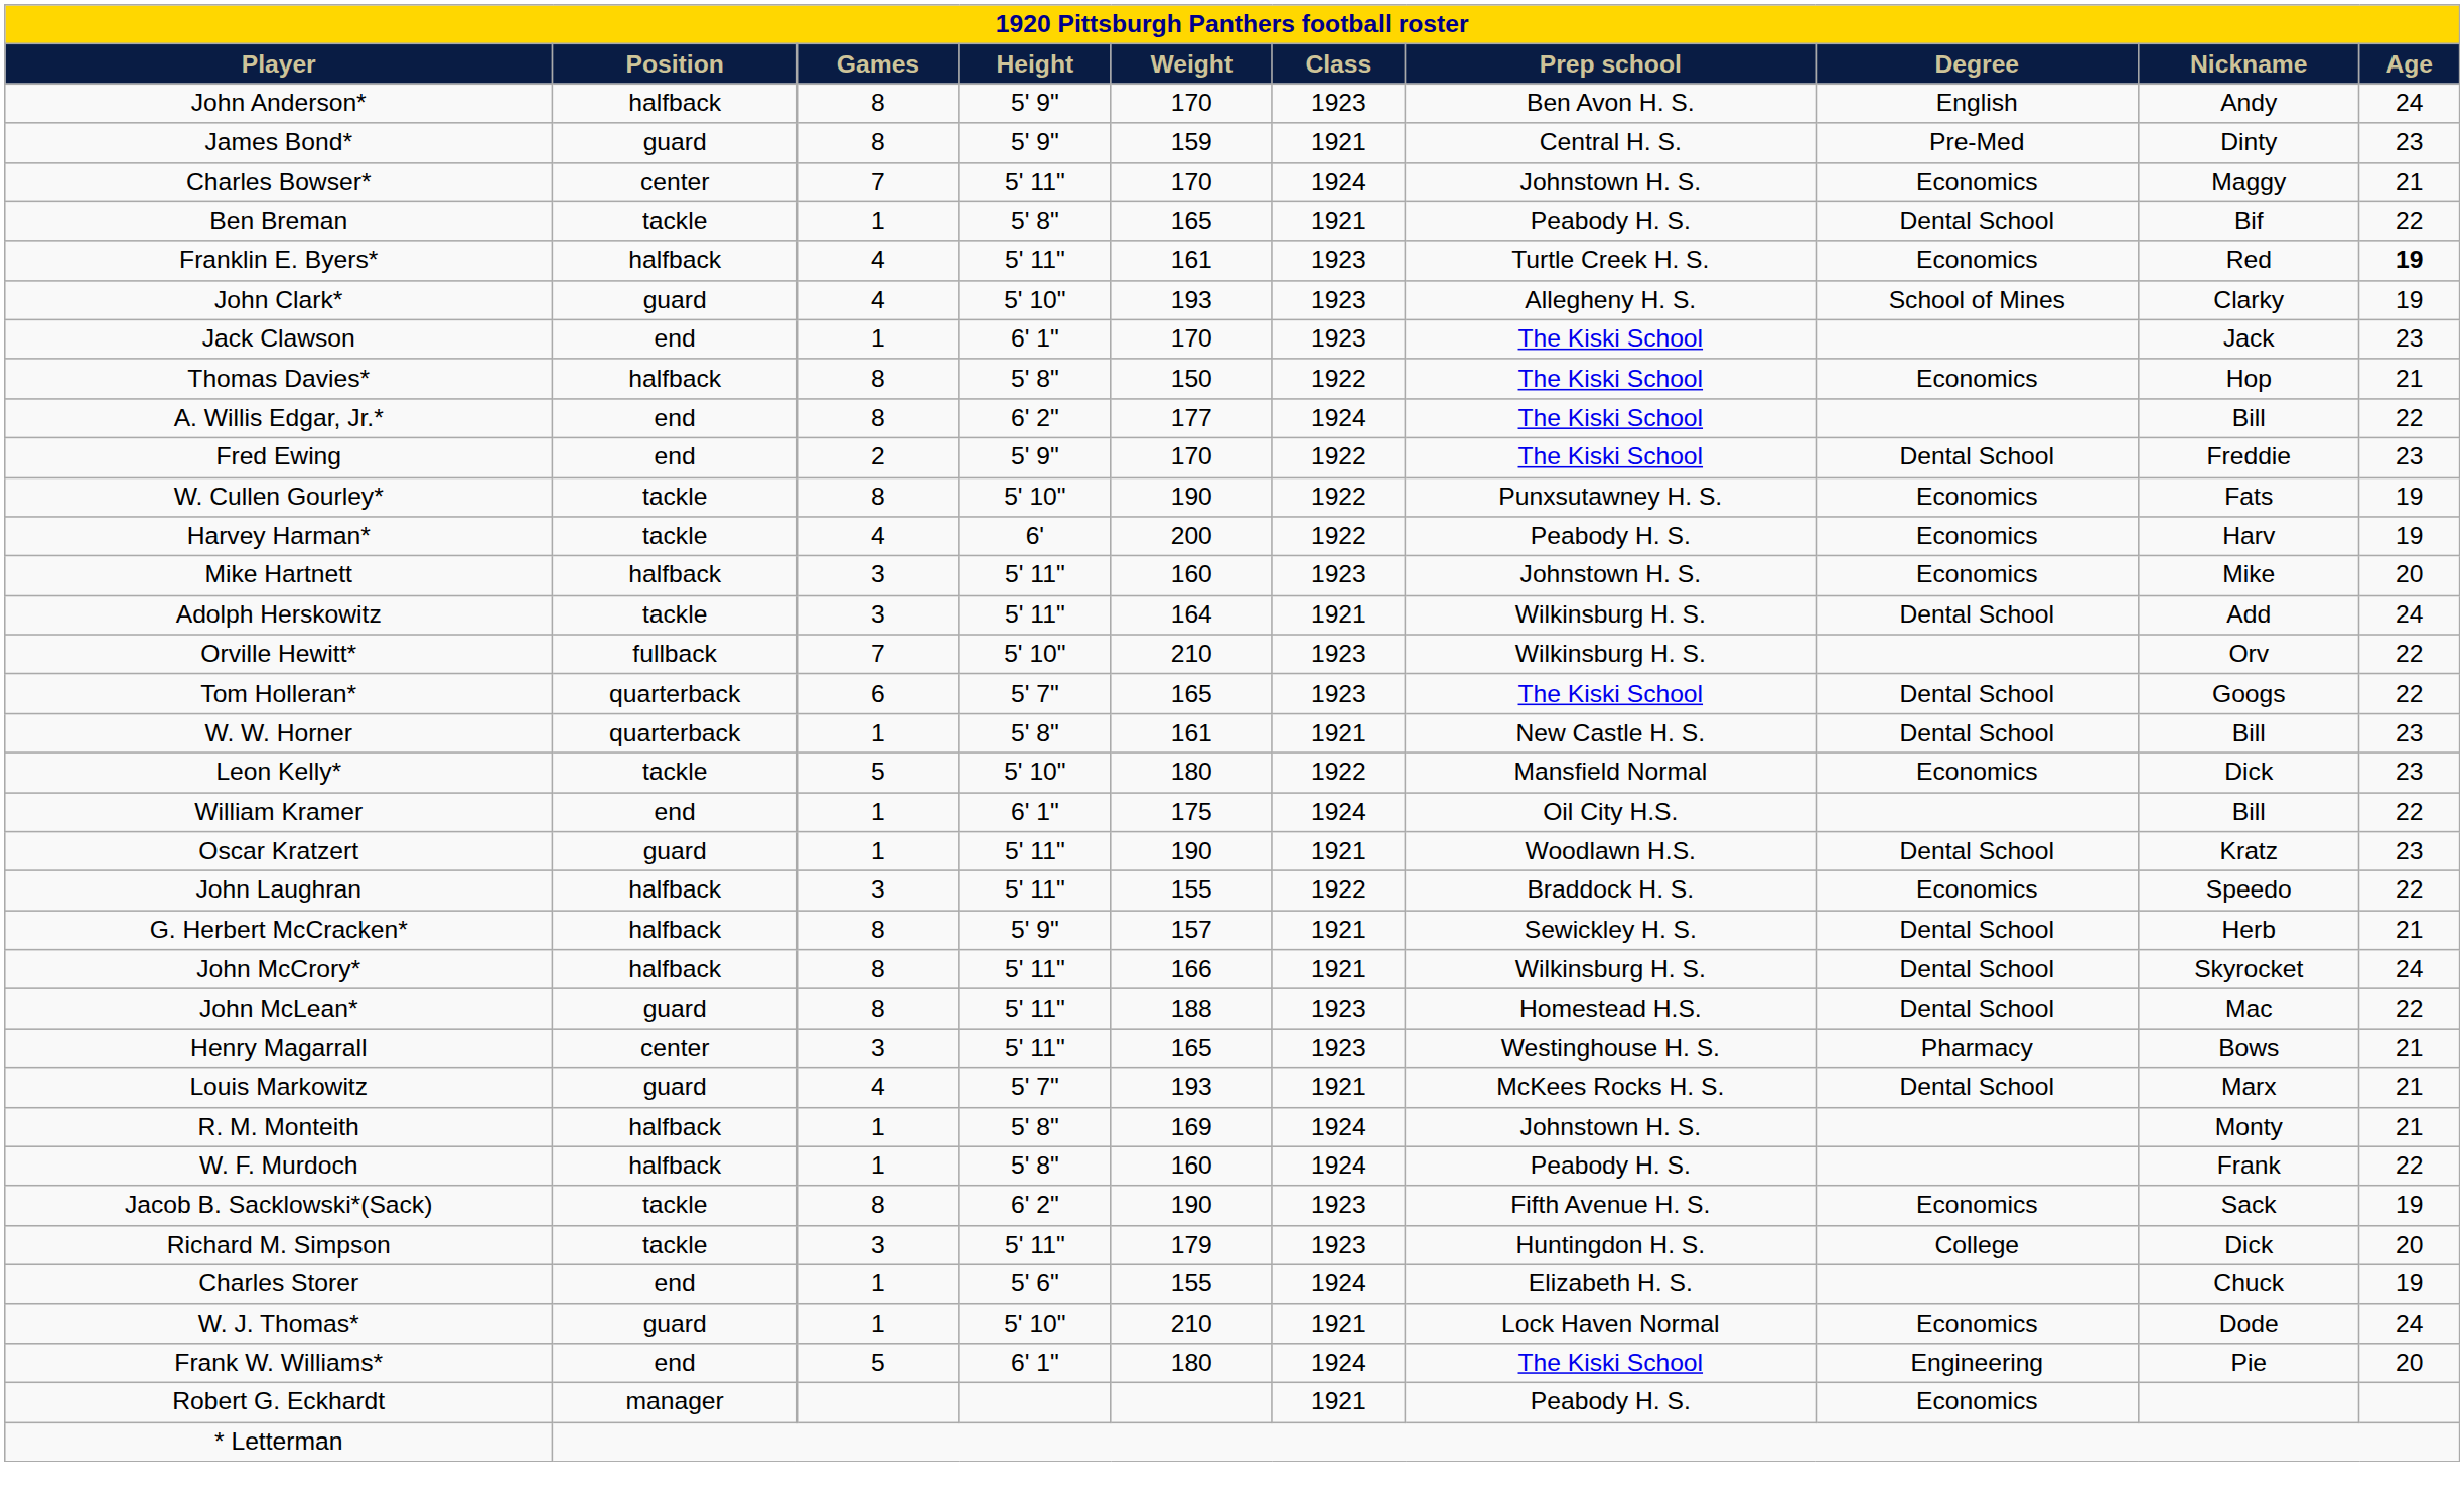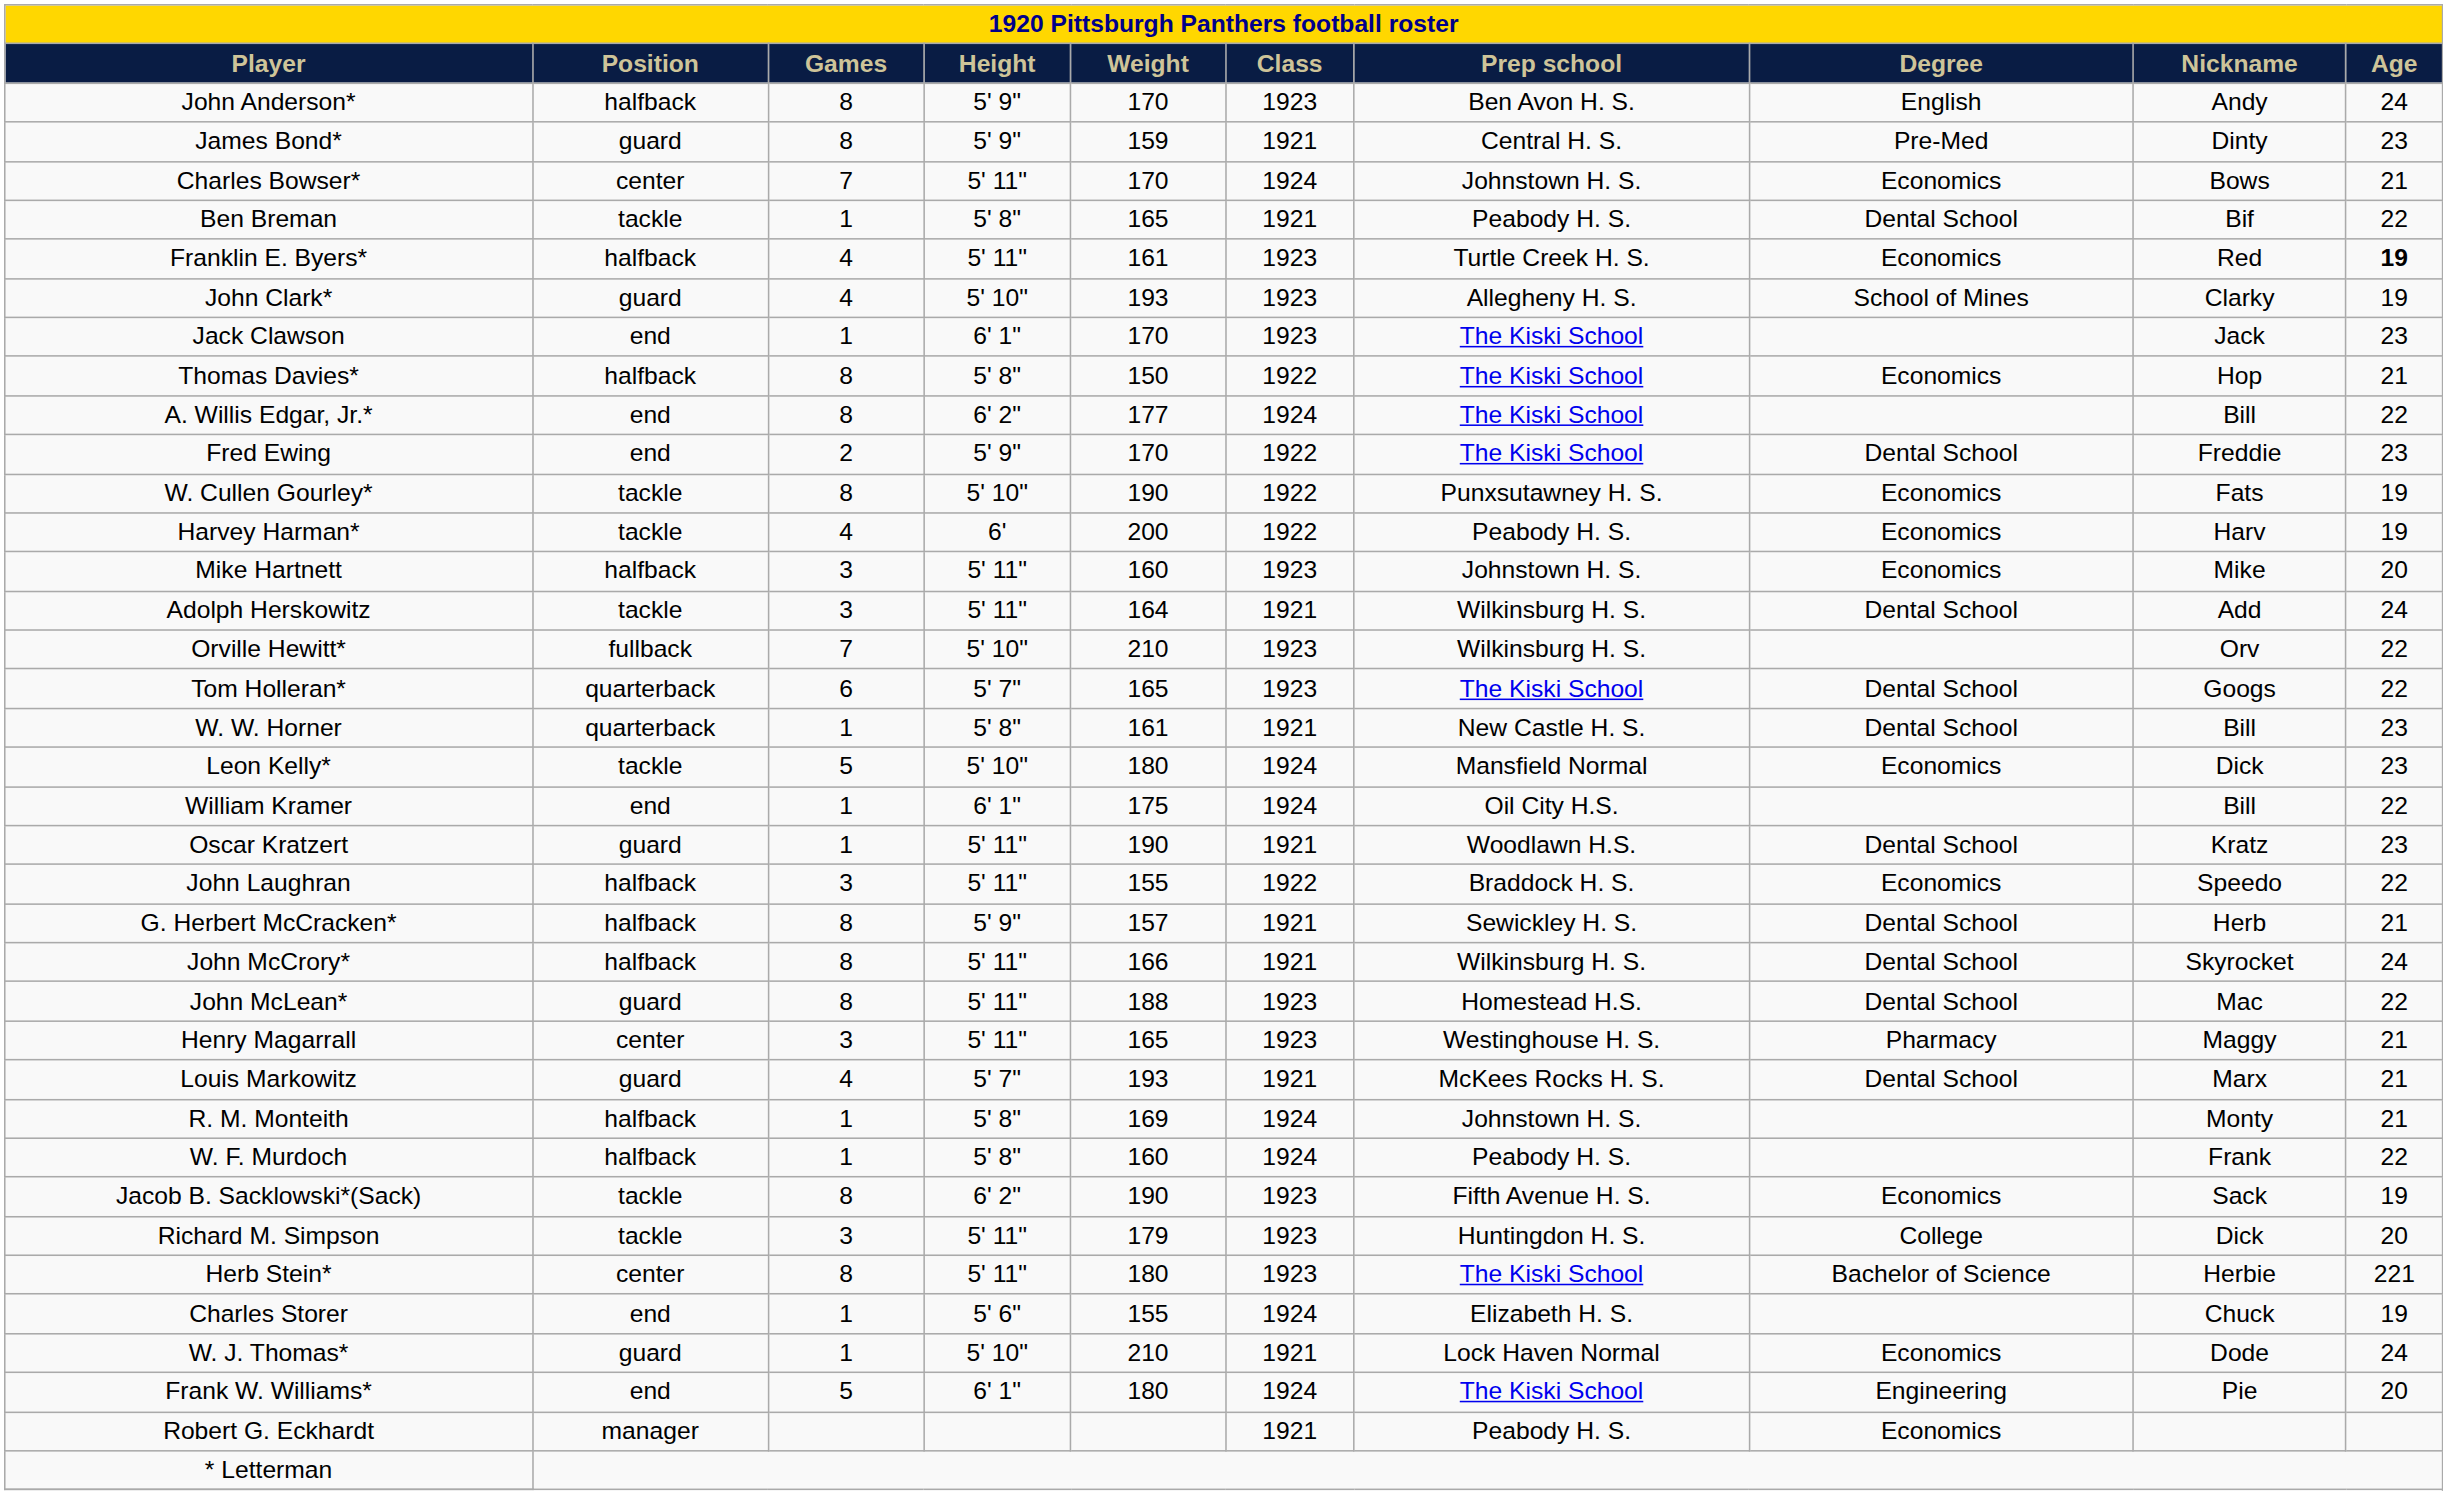 <table class="wikitable collapsible collapsed" style="margin: left; text-align:right; width:100%;">
 <tr>
 <th colspan="10" ; style="background:gold; color:darkblue; text-align: center;"><strong>1920 Pittsburgh Panthers football roster</strong></th>
 </tr>
 <tr align="center"  style="background:#091C44; color:#CEC499;">
 <td><strong>Player</strong></td>
 <td><strong>Position</strong></td>
 <td><strong>Games</strong></td>
 <td><strong>Height</strong></td>
 <td><strong>Weight</strong></td>
 <td><strong>Class</strong></td>
 <td><strong>Prep school</strong></td>
 <td><strong>Degree</strong></td>
 <td><strong>Nickname</strong></td>
 <td><strong>Age</strong></td>
 </tr>
 <tr align="center" bgcolor="">
 <td>John Anderson*</td>
 <td>halfback</td>
 <td>8</td>
 <td>5' 9"</td>
 <td>170</td>
 <td>1923</td>
 <td>Ben Avon H. S.</td>
 <td>English</td>
 <td>Andy</td>
 <td>24</td>
 </tr>
 <tr align="center" bgcolor="">
 <td>James Bond*</td>
 <td>guard</td>
 <td>8</td>
 <td>5' 9"</td>
 <td>159</td>
 <td>1921</td>
 <td>Central H. S.</td>
 <td>Pre-Med</td>
 <td>Dinty</td>
 <td>23</td>
 </tr>
 <tr align="center" bgcolor="">
 <td>Charles Bowser*</td>
 <td>center</td>
 <td>7</td>
 <td>5' 11"</td>
 <td>170</td>
 <td>1924</td>
 <td>Johnstown H. S.</td>
 <td>Economics</td>
-<td>Maggy</td>
+<td>Bows</td>
 <td>21</td>
 </tr>
 <tr align="center" bgcolor="">
 <td>Ben Breman</td>
 <td>tackle</td>
 <td>1</td>
 <td>5' 8"</td>
 <td>165</td>
 <td>1921</td>
 <td>Peabody H. S.</td>
 <td>Dental School</td>
 <td>Bif</td>
 <td>22</td>
 </tr>
 <tr align="center" bgcolor="">
 <td>Franklin E. Byers*</td>
 <td>halfback</td>
 <td>4</td>
 <td>5' 11"</td>
 <td>161</td>
 <td>1923</td>
 <td>Turtle Creek H. S.</td>
 <td>Economics</td>
 <td>Red</td>
 <td><strong>19</strong></td>
 </tr>
 <tr align="center" bgcolor="">
 <td>John Clark*</td>
 <td>guard</td>
 <td>4</td>
 <td>5' 10"</td>
 <td>193</td>
 <td>1923</td>
 <td>Allegheny H. S.</td>
 <td>School of Mines</td>
 <td>Clarky</td>
 <td>19</td>
 </tr>
 <tr align="center" bgcolor="">
 <td>Jack Clawson</td>
 <td>end</td>
 <td>1</td>
 <td>6' 1"</td>
 <td>170</td>
 <td>1923</td>
 <td><a href='#'>The Kiski School</a></td>
 <td></td>
 <td>Jack</td>
 <td>23</td>
 </tr>
 <tr align="center" bgcolor="">
 <td>Thomas Davies*</td>
 <td>halfback</td>
 <td>8</td>
 <td>5' 8"</td>
 <td>150</td>
 <td>1922</td>
 <td><a href='#'>The Kiski School</a></td>
 <td>Economics</td>
 <td>Hop</td>
 <td>21</td>
 </tr>
 <tr align="center" bgcolor="">
 <td>A. Willis Edgar, Jr.*</td>
 <td>end</td>
 <td>8</td>
 <td>6' 2"</td>
 <td>177</td>
 <td>1924</td>
 <td><a href='#'>The Kiski School</a></td>
 <td></td>
 <td>Bill</td>
 <td>22</td>
 </tr>
 <tr align="center" bgcolor="">
 <td>Fred Ewing</td>
 <td>end</td>
 <td>2</td>
 <td>5' 9"</td>
 <td>170</td>
 <td>1922</td>
 <td><a href='#'>The Kiski School</a></td>
 <td>Dental School</td>
 <td>Freddie</td>
 <td>23</td>
 </tr>
 <tr align="center" bgcolor="">
 <td>W. Cullen Gourley*</td>
 <td>tackle</td>
 <td>8</td>
 <td>5' 10"</td>
 <td>190</td>
 <td>1922</td>
 <td>Punxsutawney H. S.</td>
 <td>Economics</td>
 <td>Fats</td>
 <td>19</td>
 </tr>
 <tr align="center" bgcolor="">
 <td>Harvey Harman*</td>
 <td>tackle</td>
 <td>4</td>
 <td>6'</td>
 <td>200</td>
 <td>1922</td>
 <td>Peabody H. S.</td>
 <td>Economics</td>
 <td>Harv</td>
 <td>19</td>
 </tr>
 <tr align="center" bgcolor="">
 <td>Mike Hartnett</td>
 <td>halfback</td>
 <td>3</td>
 <td>5' 11"</td>
 <td>160</td>
 <td>1923</td>
 <td>Johnstown H. S.</td>
 <td>Economics</td>
 <td>Mike</td>
 <td>20</td>
 </tr>
 <tr align="center" bgcolor="">
 <td>Adolph Herskowitz</td>
 <td>tackle</td>
 <td>3</td>
 <td>5' 11"</td>
 <td>164</td>
 <td>1921</td>
 <td>Wilkinsburg H. S.</td>
 <td>Dental School</td>
 <td>Add</td>
 <td>24</td>
 </tr>
 <tr align="center" bgcolor="">
 <td>Orville Hewitt*</td>
 <td>fullback</td>
 <td>7</td>
 <td>5' 10"</td>
 <td>210</td>
 <td>1923</td>
 <td>Wilkinsburg H. S.</td>
 <td></td>
 <td>Orv</td>
 <td>22</td>
 </tr>
 <tr align="center" bgcolor="">
 <td>Tom Holleran*</td>
 <td>quarterback</td>
 <td>6</td>
 <td>5' 7"</td>
 <td>165</td>
 <td>1923</td>
 <td><a href='#'>The Kiski School</a></td>
 <td>Dental School</td>
 <td>Googs</td>
 <td>22</td>
 </tr>
 <tr align="center" bgcolor="">
 <td>W. W. Horner</td>
 <td>quarterback</td>
 <td>1</td>
 <td>5' 8"</td>
 <td>161</td>
 <td>1921</td>
 <td>New Castle H. S.</td>
 <td>Dental School</td>
 <td>Bill</td>
 <td>23</td>
 </tr>
 <tr align="center" bgcolor="">
 <td>Leon Kelly*</td>
 <td>tackle</td>
 <td>5</td>
 <td>5' 10"</td>
 <td>180</td>
-<td>1922</td>
+<td>1924</td>
 <td>Mansfield Normal</td>
 <td>Economics</td>
 <td>Dick</td>
 <td>23</td>
 </tr>
 <tr align="center" bgcolor="">
 <td>William Kramer</td>
 <td>end</td>
 <td>1</td>
 <td>6' 1"</td>
 <td>175</td>
 <td>1924</td>
 <td>Oil City H.S.</td>
 <td></td>
 <td>Bill</td>
 <td>22</td>
 </tr>
 <tr align="center" bgcolor="">
 <td>Oscar Kratzert</td>
 <td>guard</td>
 <td>1</td>
 <td>5' 11"</td>
 <td>190</td>
 <td>1921</td>
 <td>Woodlawn H.S.</td>
 <td>Dental School</td>
 <td>Kratz</td>
 <td>23</td>
 </tr>
 <tr align="center" bgcolor="">
 <td>John Laughran</td>
 <td>halfback</td>
 <td>3</td>
 <td>5' 11"</td>
 <td>155</td>
 <td>1922</td>
 <td>Braddock H. S.</td>
 <td>Economics</td>
 <td>Speedo</td>
 <td>22</td>
 </tr>
 <tr align="center" bgcolor="">
 <td>G. Herbert McCracken*</td>
 <td>halfback</td>
 <td>8</td>
 <td>5' 9"</td>
 <td>157</td>
 <td>1921</td>
 <td>Sewickley H. S.</td>
 <td>Dental School</td>
 <td>Herb</td>
 <td>21</td>
 </tr>
 <tr align="center" bgcolor="">
 <td>John McCrory*</td>
 <td>halfback</td>
 <td>8</td>
 <td>5' 11"</td>
 <td>166</td>
 <td>1921</td>
 <td>Wilkinsburg H. S.</td>
 <td>Dental School</td>
 <td>Skyrocket</td>
 <td>24</td>
 </tr>
 <tr align="center" bgcolor="">
 <td>John McLean*</td>
 <td>guard</td>
 <td>8</td>
 <td>5' 11"</td>
 <td>188</td>
 <td>1923</td>
 <td>Homestead H.S.</td>
 <td>Dental School</td>
 <td>Mac</td>
 <td>22</td>
 </tr>
 <tr align="center" bgcolor="">
 <td>Henry Magarrall</td>
 <td>center</td>
 <td>3</td>
 <td>5' 11"</td>
 <td>165</td>
 <td>1923</td>
 <td>Westinghouse H. S.</td>
 <td>Pharmacy</td>
-<td>Bows</td>
+<td>Maggy</td>
 <td>21</td>
 </tr>
 <tr align="center" bgcolor="">
 <td>Louis Markowitz</td>
 <td>guard</td>
 <td>4</td>
 <td>5' 7"</td>
 <td>193</td>
 <td>1921</td>
 <td>McKees Rocks H. S.</td>
 <td>Dental School</td>
 <td>Marx</td>
 <td>21</td>
 </tr>
 <tr align="center" bgcolor="">
 <td>R. M. Monteith</td>
 <td>halfback</td>
 <td>1</td>
 <td>5' 8"</td>
 <td>169</td>
 <td>1924</td>
 <td>Johnstown H. S.</td>
 <td></td>
 <td>Monty</td>
 <td>21</td>
 </tr>
 <tr align="center" bgcolor="">
 <td>W. F. Murdoch</td>
 <td>halfback</td>
 <td>1</td>
 <td>5' 8"</td>
 <td>160</td>
 <td>1924</td>
 <td>Peabody H. S.</td>
 <td></td>
 <td>Frank</td>
 <td>22</td>
 </tr>
 <tr align="center" bgcolor="">
 <td>Jacob B. Sacklowski*(Sack)</td>
 <td>tackle</td>
 <td>8</td>
 <td>6' 2"</td>
 <td>190</td>
 <td>1923</td>
 <td>Fifth Avenue H. S.</td>
 <td>Economics</td>
 <td>Sack</td>
 <td>19</td>
 </tr>
 <tr align="center" bgcolor="">
 <td>Richard M. Simpson</td>
 <td>tackle</td>
 <td>3</td>
 <td>5' 11"</td>
 <td>179</td>
 <td>1923</td>
 <td>Huntingdon H. S.</td>
 <td>College</td>
 <td>Dick</td>
 <td>20</td>
 </tr>
 <tr align="center">
+<td>Herb Stein*</td>
+<td>center</td>
+<td>8</td>
+<td>5' 11"</td>
+<td>180</td>
+<td>1923</td>
+<td><a href='#'>The Kiski School</a></td>
+<td>Bachelor of Science</td>
+<td>Herbie</td>
+<td>221</td>
+</tr>
+<tr align="center">
 <td>Charles Storer</td>
 <td>end</td>
 <td>1</td>
 <td>5' 6"</td>
 <td>155</td>
 <td>1924</td>
 <td>Elizabeth H. S.</td>
 <td></td>
 <td>Chuck</td>
 <td>19</td>
 </tr>
 <tr align="center" bgcolor="">
 <td>W. J. Thomas*</td>
 <td>guard</td>
 <td>1</td>
 <td>5' 10"</td>
 <td>210</td>
 <td>1921</td>
 <td>Lock Haven Normal</td>
 <td>Economics</td>
 <td>Dode</td>
 <td>24</td>
 </tr>
 <tr align="center" bgcolor="">
 <td>Frank W. Williams*</td>
 <td>end</td>
 <td>5</td>
 <td>6' 1"</td>
 <td>180</td>
 <td>1924</td>
 <td><a href='#'>The Kiski School</a></td>
 <td>Engineering</td>
 <td>Pie</td>
 <td>20</td>
 </tr>
 <tr align="center" bgcolor="">
 <td>Robert G. Eckhardt</td>
 <td>manager</td>
 <td></td>
 <td></td>
 <td></td>
 <td>1921</td>
 <td>Peabody H. S.</td>
 <td>Economics</td>
 <td></td>
 <td></td>
 </tr>
 <tr align="center" bgcolor="">
 <td>* Letterman</td>
 </tr>
 <tr align="center" bgcolor="">
 </tr>
 </table>
